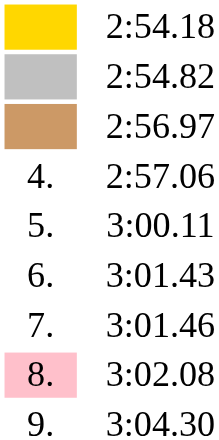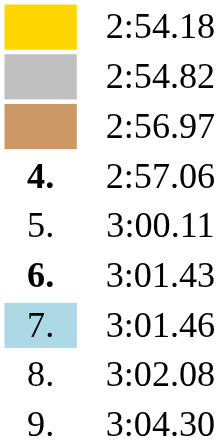 <table style="text-align:center">
 <tr>
 <td width=30 bgcolor=gold></td>
 <td align=left></td>
 <td width=60>2:54.18</td>
 </tr>
 <tr>
 <td bgcolor=silver></td>
 <td align=left></td>
 <td>2:54.82</td>
 </tr>
 <tr>
 <td bgcolor=cc9966></td>
 <td align=left></td>
 <td>2:56.97</td>
 </tr>
 <tr>
-<td>4.</td>
+<td><strong>4.</strong></td>
 <td align=left></td>
 <td>2:57.06</td>
 </tr>
 <tr>
 <td>5.</td>
 <td align=left></td>
 <td>3:00.11</td>
 </tr>
 <tr>
-<td>6.</td>
+<td><strong>6.</strong></td>
 <td align=left></td>
 <td>3:01.43</td>
 </tr>
 <tr>
-<td>7.</td>
+<td style="background: lightblue;">7.</td>
 <td align=left></td>
 <td>3:01.46</td>
 </tr>
 <tr>
-<td style="background: pink;">8.</td>
+<td>8.</td>
 <td align=left></td>
 <td>3:02.08</td>
 </tr>
 <tr>
 <td>9.</td>
 <td align=left></td>
 <td>3:04.30</td>
 </tr>
 </table>
